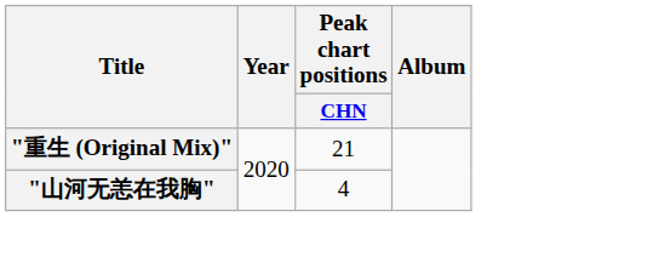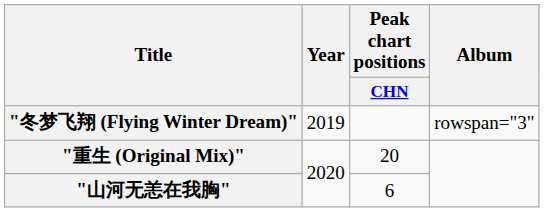 <table class="wikitable plainrowheaders" style="text-align:center;">
 <tr>
 <th rowspan="2" scope="col">Title</th>
 <th scope="col" rowspan="2">Year</th>
 <th scope="col">Peak chart positions</th>
 <th rowspan="2">Album</th>
 </tr>
 <tr>
 <th scope="col" style="width:3em;font-size:90%;"><a href='#'>CHN</a><br></th>
 </tr>
 <tr>
+<th scope="row">"冬梦飞翔 (Flying Winter Dream)" <br> </th>
+<td>2019</td>
+<td></td>
+<td>rowspan="3" </td>
+</tr>
+<tr>
 <th scope="row">"重生 (Original Mix)" <br></th>
 <td rowspan="2">2020</td>
-<td>21</td>
+<td>20</td>
 </tr>
 <tr>
 <th scope="row">"山河无恙在我胸" <br> </th>
-<td>4</td>
+<td>6</td>
 </tr>
 </table>
